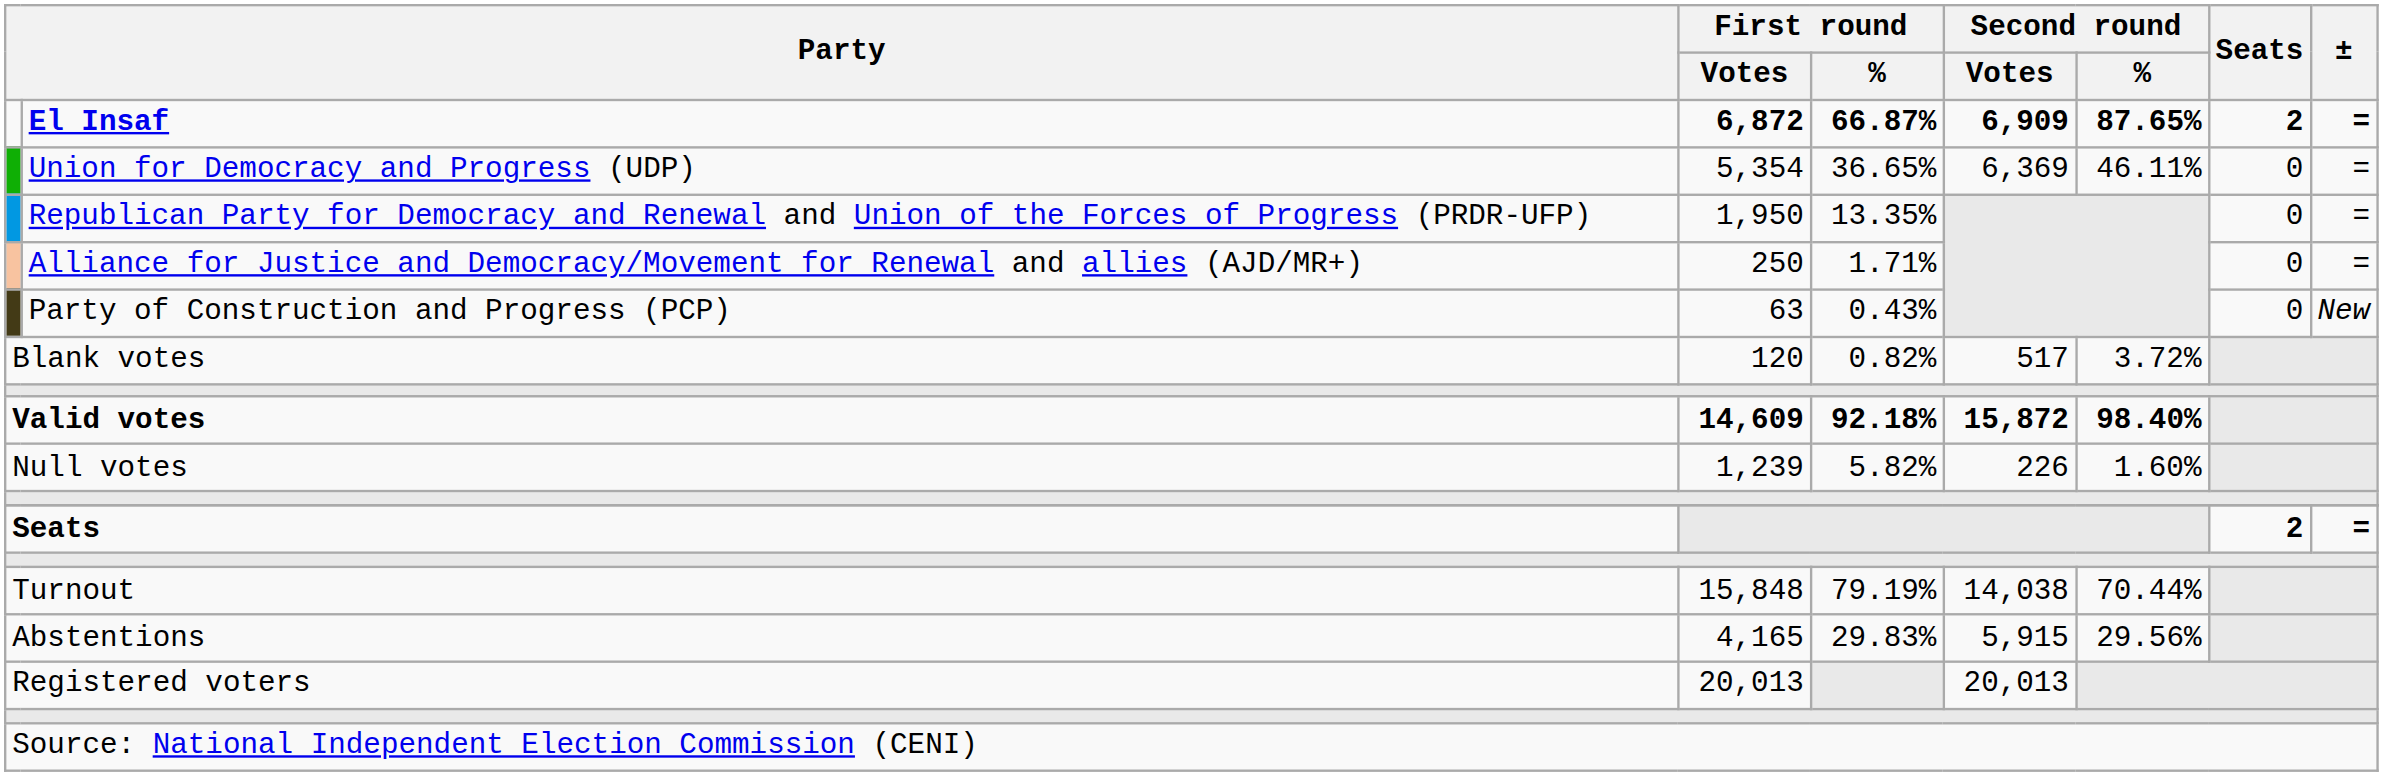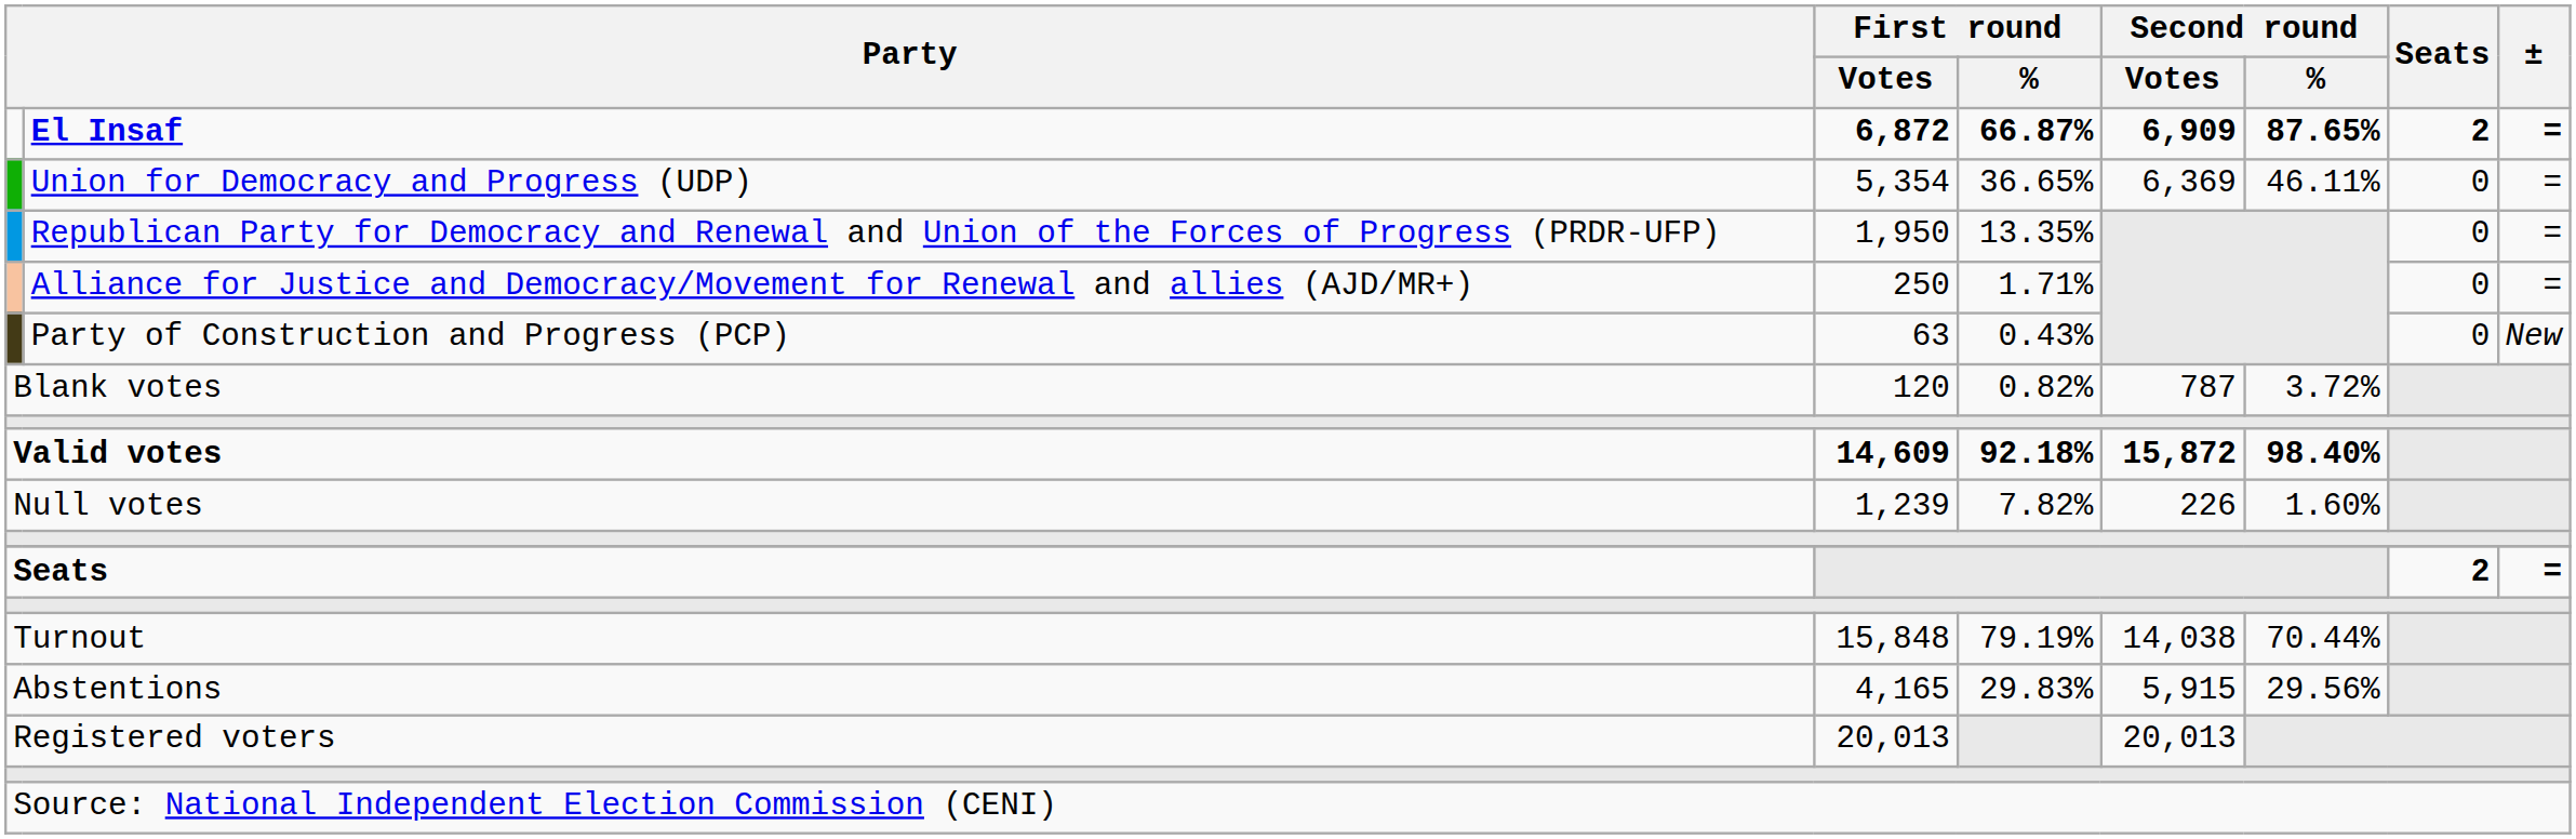 <table class="wikitable" style="text-align:right;font-size:95%;">
 <tr>
 <th rowspan="2" colspan="2" width="700">Party</th>
 <th colspan="2">First round</th>
 <th colspan="2">Second round</th>
 <th rowspan="2" width="25">Seats</th>
 <th rowspan="2" width="20">±</th>
 </tr>
 <tr>
 <th width="50">Votes</th>
 <th width="50">%</th>
 <th width="50">Votes</th>
 <th width="50">%</th>
 </tr>
 <tr>
 <td width="1" style="color:inherit;background:"></td>
 <td style="text-align:left;"><strong><a href='#'>El Insaf</a></strong></td>
 <td><strong>6,872</strong></td>
 <td><strong>66.87%</strong></td>
 <td><strong>6,909</strong></td>
 <td><strong>87.65%</strong></td>
 <td><strong>2</strong></td>
 <td><strong>=</strong></td>
 </tr>
 <tr>
 <td width="1" style="color:inherit;background:#0FAF05;"></td>
 <td style="text-align:left;"><a href='#'>Union for Democracy and Progress</a> (UDP)</td>
 <td>5,354</td>
 <td>36.65%</td>
 <td>6,369</td>
 <td>46.11%</td>
 <td>0</td>
 <td>=</td>
 </tr>
 <tr>
 <td width="1" style="color:inherit;background:#0198E2;"></td>
 <td style="text-align:left;"><a href='#'>Republican Party for Democracy and Renewal</a> and <a href='#'>Union of the Forces of Progress</a> (PRDR-UFP)</td>
 <td>1,950</td>
 <td>13.35%</td>
 <td colspan="2" rowspan="3" style="background:#E9E9E9;"></td>
 <td>0</td>
 <td>=</td>
 </tr>
 <tr>
 <td width="1" style="color:inherit;background:#F8C3A0;"></td>
 <td style="text-align:left;"><a href='#'>Alliance for Justice and Democracy/Movement for Renewal</a> and <a href='#'>allies</a> (AJD/MR+)</td>
 <td>250</td>
 <td>1.71%</td>
 <td>0</td>
 <td>=</td>
 </tr>
 <tr>
 <td width="1" style="color:inherit;background:#433A16;"></td>
 <td style="text-align:left;">Party of Construction and Progress (PCP)</td>
 <td>63</td>
 <td>0.43%</td>
 <td>0</td>
 <td><em>New</em></td>
 </tr>
 <tr>
 <td colspan="2" style="text-align:left;">Blank votes</td>
 <td>120</td>
 <td>0.82%</td>
-<td>517</td>
+<td>787</td>
 <td>3.72%</td>
 <td colspan="2" style="background:#E9E9E9;"></td>
 </tr>
 <tr>
 <td colspan="8" style="background:#E9E9E9;"></td>
 </tr>
 <tr style="font-weight:bold;">
 <td colspan="2" style="text-align:left;">Valid votes</td>
 <td>14,609</td>
 <td>92.18%</td>
 <td>15,872</td>
 <td>98.40%</td>
 <td colspan="2" style="background:#E9E9E9;"></td>
 </tr>
 <tr>
 <td colspan="2" style="text-align:left;">Null votes</td>
 <td>1,239</td>
-<td>5.82%</td>
+<td>7.82%</td>
 <td>226</td>
 <td>1.60%</td>
 <td colspan="2" style="background:#E9E9E9;"></td>
 </tr>
 <tr>
 <td colspan="8" style="background:#E9E9E9;"></td>
 </tr>
 <tr>
 </tr>
 <tr style="font-weight:bold;">
 <td colspan="2" style="text-align:left;">Seats</td>
 <td colspan="4" style="background:#E9E9E9;"></td>
 <td>2</td>
 <td>=</td>
 </tr>
 <tr>
 <td colspan="8" style="background:#E9E9E9;"></td>
 </tr>
 <tr>
 <td colspan="2" style="text-align:left;">Turnout</td>
 <td>15,848</td>
 <td>79.19%</td>
 <td>14,038</td>
 <td>70.44%</td>
 <td colspan="2" style="background:#E9E9E9;"></td>
 </tr>
 <tr>
 <td colspan="2" style="text-align:left;">Abstentions</td>
 <td>4,165</td>
 <td>29.83%</td>
 <td>5,915</td>
 <td>29.56%</td>
 <td colspan="2" style="background:#E9E9E9;"></td>
 </tr>
 <tr>
 <td colspan="2" style="text-align:left;">Registered voters</td>
 <td>20,013</td>
 <td style="color:inherit;background:#E9E9E9;"></td>
 <td>20,013</td>
 <td colspan="3" style="background:#E9E9E9;"></td>
 </tr>
 <tr>
 <td colspan="8" style="background:#E9E9E9;"></td>
 </tr>
 <tr>
 <td colspan="8" style="text-align:left;">Source: <a href='#'>National Independent Election Commission</a> (CENI)</td>
 </tr>
 </table>
